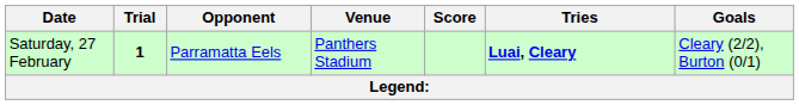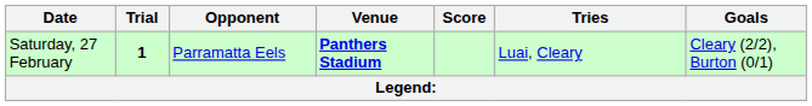 <table style="font-size:75%;" class="wikitable">
 <tr>
 <th style="width:115px;">Date</th>
 <th style="width:50px;">Trial</th>
 <th style="width:170px;">Opponent</th>
 <th style="width:130px;">Venue</th>
 <th style="width:50px;">Score</th>
 <th style="width:285px;">Tries</th>
 <th style="width:155px;">Goals</th>
 </tr>
 <tr style="background:#cfc;">
 <td>Saturday, 27 February</td>
 <td style="text-align:center;"><strong>1</strong></td>
 <td> <a href='#'>Parramatta Eels</a></td>
-<td><a href='#'>Panthers Stadium</a></td>
+<td><strong><a href='#'>Panthers Stadium</a></strong></td>
 <td style="text-align:center;"></td>
-<td><strong><a href='#'>Luai</a>, <a href='#'>Cleary</a></strong></td>
+<td><a href='#'>Luai</a>, <a href='#'>Cleary</a></td>
 <td><a href='#'>Cleary</a> (2/2), <a href='#'>Burton</a> (0/1)</td>
 </tr>
 <tr>
 <th colspan="7"><strong>Legend</strong>:   </th>
 </tr>
 </table>
